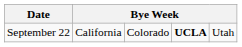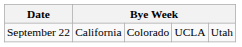 <table class="wikitable" style="font-size:95%;">
 <tr>
 <th>Date</th>
 <th colspan="4">Bye Week</th>
 </tr>
 <tr>
 <td>September 22</td>
 <td>California</td>
 <td>Colorado</td>
-<td><strong>UCLA</strong></td>
+<td>UCLA</td>
 <td>Utah</td>
 </tr>
 </table>
